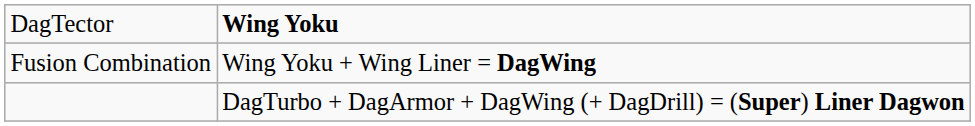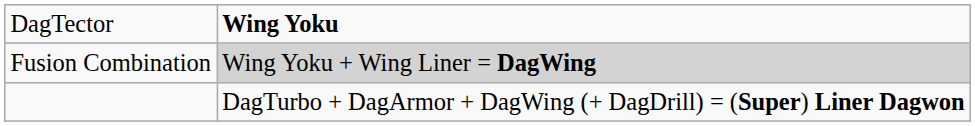 <table class="wikitable" style="text-align:left">
 <tr>
 <td>DagTector</td>
 <td><strong>Wing Yoku</strong></td>
 </tr>
 <tr>
 <td>Fusion Combination</td>
-<td>Wing Yoku + Wing Liner = <strong>DagWing</strong></td>
+<td style="background: lightgrey;">Wing Yoku + Wing Liner = <strong>DagWing</strong></td>
 </tr>
 <tr>
 <td></td>
 <td>DagTurbo + DagArmor + DagWing (+ DagDrill) = (<strong>Super</strong>) <strong>Liner Dagwon</strong></td>
 </tr>
 </table>
